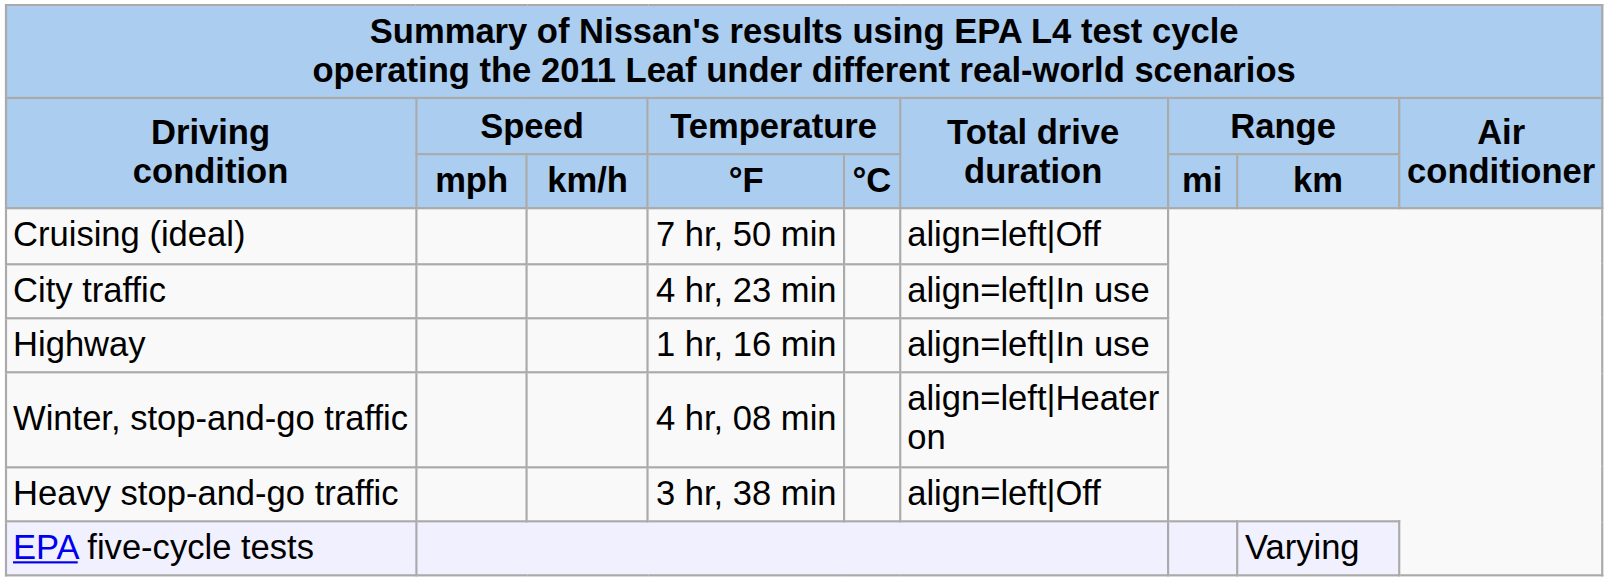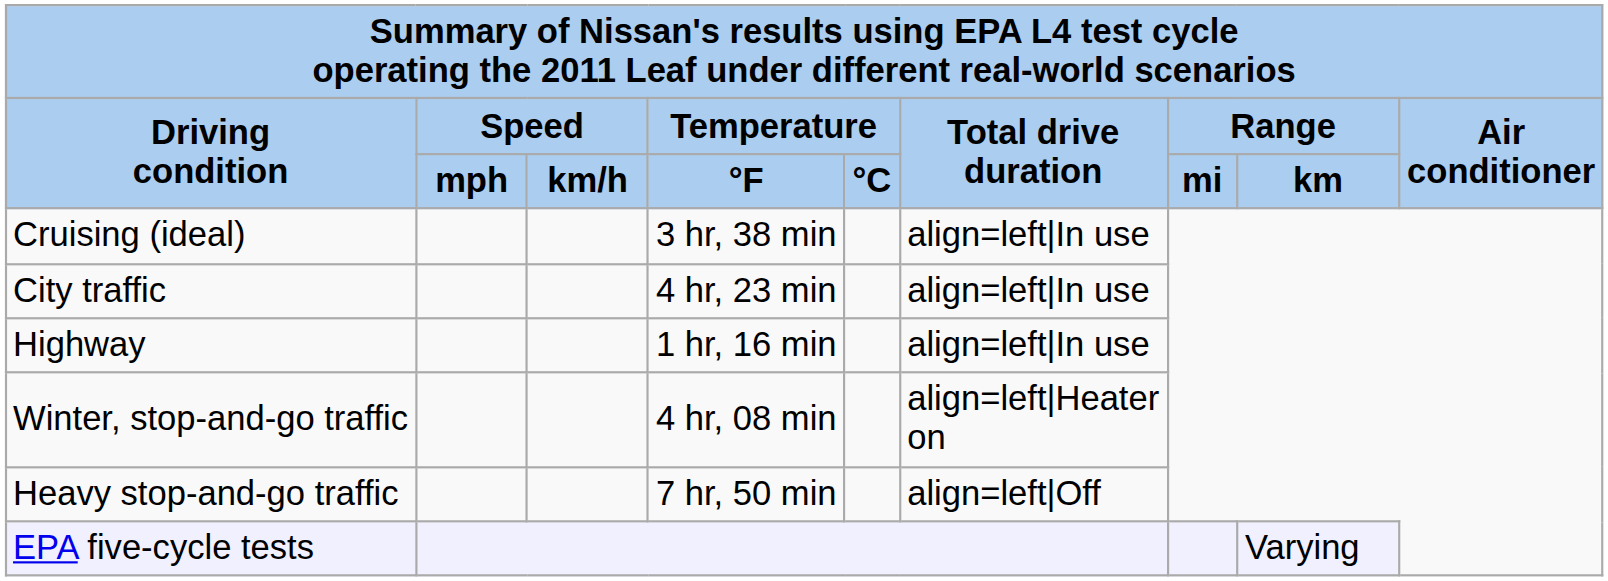 <table class="wikitable"  style="margin: 1em auto 1em auto">
 <tr>
 <th colspan="9"  style="text-align:center; background:#abcdef;">Summary of Nissan's results using EPA L4 test cycle<br>operating the 2011 Leaf under different real-world scenarios</th>
 </tr>
 <tr>
 <th style="background:#ABCDEF;" rowspan=2>Driving<br>condition</th>
 <th colspan="2" style="background:#abcdef; width:100px;">Speed</th>
 <th colspan="2" style="background:#abcdef; width:100px;">Temperature</th>
 <th style="background:#abcdef; width:100px;" rowspan=2>Total drive<br>duration</th>
 <th colspan="2" style="background:#abcdef; width:100px;">Range</th>
 <th style="background:#ABCDEF;" rowspan=2>Air<br>conditioner</th>
 </tr>
 <tr>
 <th style="background:#ABCDEF;">mph</th>
 <th style="background:#ABCDEF;">km/h</th>
 <th style="background:#ABCDEF;">°F</th>
 <th style="background:#ABCDEF;">°C</th>
 <th style="background:#ABCDEF;">mi</th>
 <th style="background:#ABCDEF;">km</th>
 </tr>
 <tr>
 <td align=left>Cruising (ideal)</td>
 <td></td>
 <td></td>
-<td align=right>7 hr, 50 min</td>
+<td align=right>3 hr, 38 min</td>
 <td></td>
-<td>align=left|Off</td>
+<td>align=left|In use</td>
 </tr>
 <tr>
 <td align=left>City traffic</td>
 <td></td>
 <td></td>
 <td align=right>4 hr, 23 min</td>
 <td></td>
 <td>align=left|In use</td>
 </tr>
 <tr>
 <td align=left>Highway</td>
 <td></td>
 <td></td>
 <td align=right>1 hr, 16 min</td>
 <td></td>
 <td>align=left|In use</td>
 </tr>
 <tr>
 <td align=left>Winter, stop-and-go traffic</td>
 <td></td>
 <td></td>
 <td align=right>4 hr, 08 min</td>
 <td></td>
 <td>align=left|Heater on</td>
 </tr>
 <tr>
 <td style="text-align:left;">Heavy stop-and-go traffic</td>
 <td></td>
 <td></td>
-<td align=right>3 hr, 38 min</td>
+<td align=right>7 hr, 50 min</td>
 <td></td>
 <td>align=left|Off</td>
 </tr>
 <tr style="background:#f0f0ff;">
 <td><a href='#'>EPA</a> five-cycle tests</td>
 <td colspan=5 align=center></td>
 <td></td>
 <td>Varying</td>
 </tr>
 </table>
